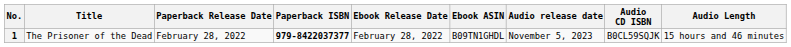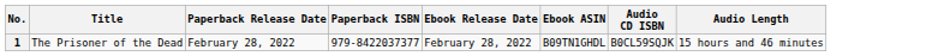 <table class="wikitable">
 <tr>
 <th>No.</th>
 <th>Title</th>
 <th>Paperback Release Date</th>
 <th>Paperback ISBN</th>
 <th>Ebook Release Date</th>
 <th>Ebook ASIN</th>
-<th>Audio release date</th>
 <th>Audio<br>CD ISBN</th>
 <th>Audio Length</th>
 </tr>
 <tr>
 <th>1</th>
 <td>The Prisoner of the Dead</td>
 <td>February 28, 2022</td>
-<td><strong>979-8422037377</strong></td>
+<td>979-8422037377</td>
 <td>February 28, 2022</td>
 <td>B09TN1GHDL</td>
-<td>November 5, 2023</td>
 <td>B0CL59SQJK</td>
 <td>15 hours and 46 minutes</td>
 </tr>
 </table>
